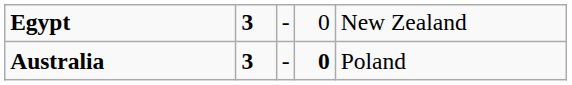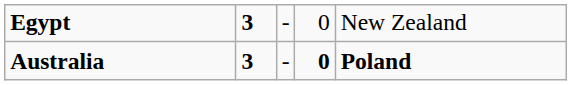 <table class="wikitable">
 <tr>
 <td width=150> <strong>Egypt</strong></td>
 <td style="width:20px; text-align:left;"><strong>3</strong></td>
 <td>-</td>
 <td style="width:20px; text-align:right;">0</td>
 <td width=150> New Zealand</td>
 </tr>
 <tr>
 <td> <strong>Australia</strong></td>
 <td style="text-align:left;"><strong>3</strong></td>
 <td>-</td>
 <td style="text-align:right;"><strong>0</strong></td>
-<td> Poland</td>
+<td><strong> Poland</strong></td>
 </tr>
 </table>
